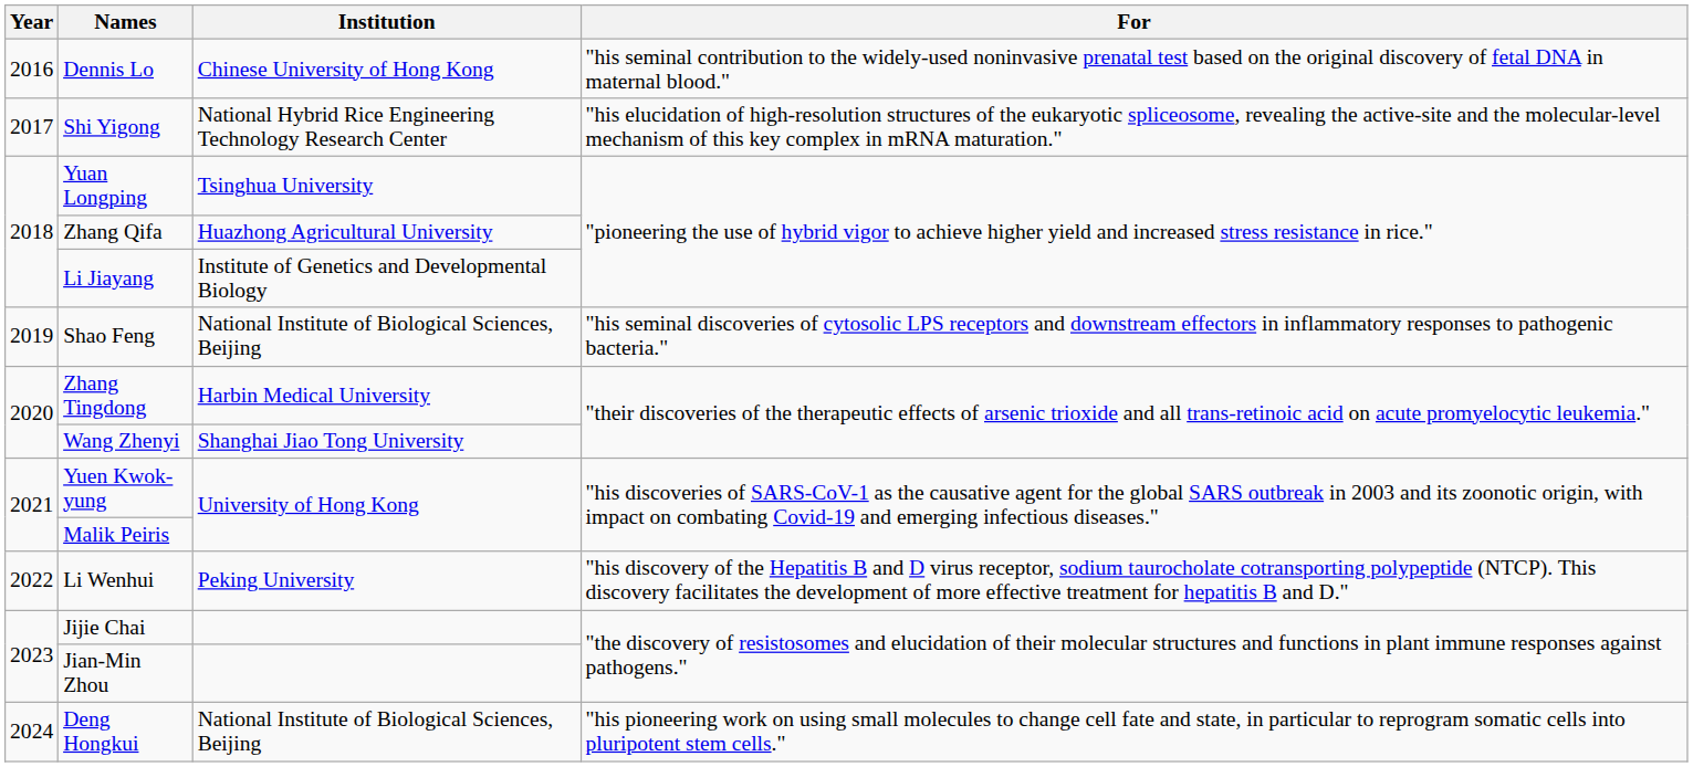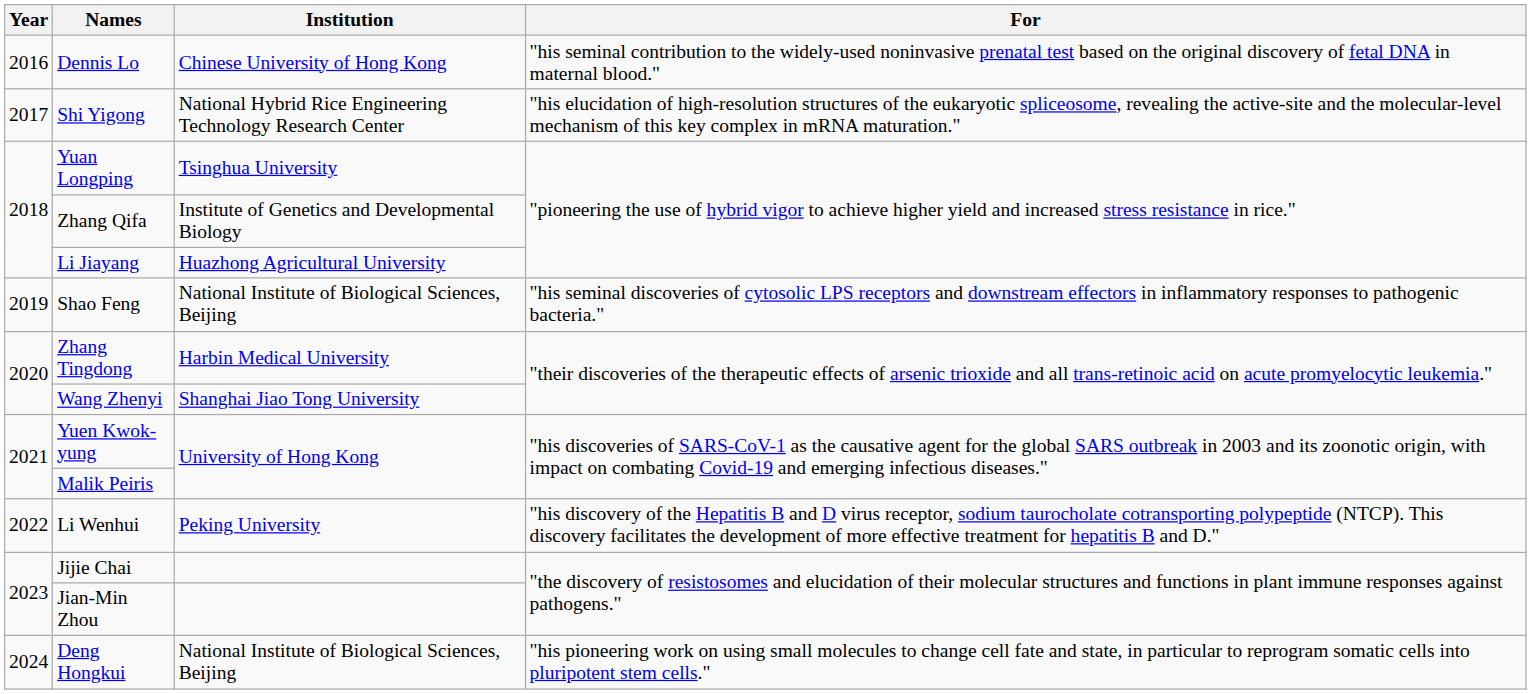 <table class="wikitable">
 <tr>
 <th>Year</th>
 <th>Names</th>
 <th>Institution</th>
 <th>For</th>
 </tr>
 <tr>
 <td>2016</td>
 <td><a href='#'>Dennis Lo</a></td>
 <td><a href='#'>Chinese University of Hong Kong</a></td>
 <td>"his seminal contribution to the widely-used noninvasive <a href='#'>prenatal test</a> based on the original discovery of <a href='#'>fetal DNA</a> in maternal blood."</td>
 </tr>
 <tr>
 <td>2017</td>
 <td><a href='#'>Shi Yigong</a></td>
 <td>National Hybrid Rice Engineering Technology Research Center</td>
 <td>"his elucidation of high-resolution structures of the eukaryotic <a href='#'>spliceosome</a>, revealing the active-site and the molecular-level mechanism of this key complex in mRNA maturation."</td>
 </tr>
 <tr>
 <td rowspan="3">2018</td>
 <td><a href='#'>Yuan Longping</a></td>
 <td><a href='#'>Tsinghua University</a></td>
 <td rowspan="3">"pioneering the use of <a href='#'>hybrid vigor</a> to achieve higher yield and increased <a href='#'>stress resistance</a> in rice."</td>
 </tr>
 <tr>
 <td>Zhang Qifa</td>
-<td><a href='#'>Huazhong Agricultural University</a></td>
+<td>Institute of Genetics and Developmental Biology</td>
 </tr>
 <tr>
 <td><a href='#'>Li Jiayang</a></td>
-<td>Institute of Genetics and Developmental Biology</td>
+<td><a href='#'>Huazhong Agricultural University</a></td>
 </tr>
 <tr>
 <td>2019</td>
 <td>Shao Feng</td>
 <td>National Institute of Biological Sciences, Beijing</td>
 <td>"his seminal discoveries of <a href='#'>cytosolic LPS receptors</a> and <a href='#'>downstream effectors</a> in inflammatory responses to pathogenic bacteria."</td>
 </tr>
 <tr>
 <td rowspan="2">2020</td>
 <td><a href='#'>Zhang Tingdong</a></td>
 <td><a href='#'>Harbin Medical University</a></td>
 <td rowspan="2">"their discoveries of the therapeutic effects of <a href='#'>arsenic trioxide</a> and all <a href='#'>trans-retinoic acid</a> on <a href='#'>acute promyelocytic leukemia</a>."</td>
 </tr>
 <tr>
 <td><a href='#'>Wang Zhenyi</a></td>
 <td><a href='#'>Shanghai Jiao Tong University</a></td>
 </tr>
 <tr>
 <td rowspan="2">2021</td>
 <td><a href='#'>Yuen Kwok-yung</a></td>
 <td rowspan="2"><a href='#'>University of Hong Kong</a></td>
 <td rowspan="2">"his discoveries of <a href='#'>SARS-CoV-1</a> as the causative agent for the global <a href='#'>SARS outbreak</a> in 2003 and its zoonotic origin, with impact on combating <a href='#'>Covid-19</a> and emerging infectious diseases."</td>
 </tr>
 <tr>
 <td><a href='#'>Malik Peiris</a></td>
 </tr>
 <tr>
 <td>2022</td>
 <td>Li Wenhui</td>
 <td><a href='#'>Peking University</a></td>
 <td>"his discovery of the <a href='#'>Hepatitis B</a> and <a href='#'>D</a> virus receptor, <a href='#'>sodium taurocholate cotransporting polypeptide</a> (NTCP). This discovery facilitates the development of more effective treatment for <a href='#'>hepatitis B</a> and D."</td>
 </tr>
 <tr>
 <td rowspan="2">2023</td>
 <td>Jijie Chai</td>
 <td></td>
 <td rowspan="2">"the discovery of <a href='#'>resistosomes</a> and elucidation of their molecular structures and functions in plant immune responses against pathogens."</td>
 </tr>
 <tr>
 <td>Jian-Min Zhou</td>
 <td></td>
 </tr>
 <tr>
 <td>2024</td>
 <td><a href='#'>Deng Hongkui</a></td>
 <td>National Institute of Biological Sciences, Beijing</td>
 <td>"his pioneering work on using small molecules to change cell fate and state, in particular to reprogram somatic cells into <a href='#'>pluripotent stem cells</a>."</td>
 </tr>
 </table>
